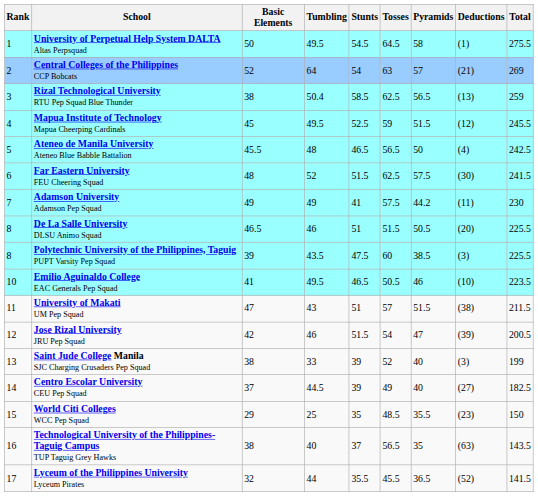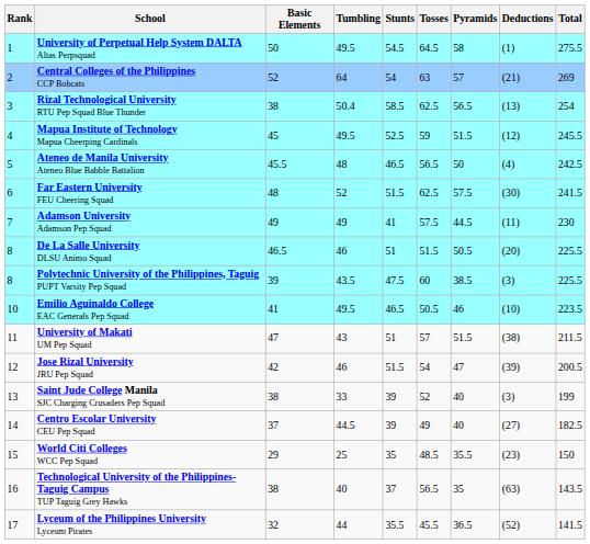 <table class="wikitable" style="text align: center">
 <tr bgcolor="#efefef">
 <th>Rank</th>
 <th>School</th>
 <th>Basic Elements</th>
 <th>Tumbling</th>
 <th>Stunts</th>
 <th>Tosses</th>
 <th>Pyramids</th>
 <th>Deductions</th>
 <th>Total</th>
 </tr>
 <tr bgcolor="99FFFF">
 <td>1</td>
 <td><strong><a href='#'>University of Perpetual Help System DALTA</a></strong> <br> <small>Altas Perpsquad</small></td>
 <td>50</td>
 <td>49.5</td>
 <td>54.5</td>
 <td>64.5</td>
 <td>58</td>
 <td>(1)</td>
 <td>275.5</td>
 </tr>
 <tr bgcolor="99CCFF">
 <td>2</td>
 <td><strong><a href='#'>Central Colleges of the Philippines</a></strong> <br> <small>CCP Bobcats</small></td>
 <td>52</td>
 <td>64</td>
 <td>54</td>
 <td>63</td>
 <td>57</td>
 <td>(21)</td>
 <td>269</td>
 </tr>
 <tr bgcolor="99FFFF">
 <td>3</td>
 <td><strong><a href='#'>Rizal Technological University</a></strong> <br> <small>RTU Pep Squad Blue Thunder</small></td>
 <td>38</td>
 <td>50.4</td>
 <td>58.5</td>
 <td>62.5</td>
 <td>56.5</td>
 <td>(13)</td>
-<td>259</td>
+<td>254</td>
 </tr>
 <tr bgcolor="99FFFF">
 <td>4</td>
 <td><strong><a href='#'>Mapua Institute of Technology</a></strong> <br> <small> Mapua Cheerping Cardinals</small></td>
 <td>45</td>
 <td>49.5</td>
 <td>52.5</td>
 <td>59</td>
 <td>51.5</td>
 <td>(12)</td>
 <td>245.5</td>
 </tr>
 <tr bgcolor="99FFFF">
 <td>5</td>
 <td><strong><a href='#'>Ateneo de Manila University</a></strong> <br> <small>Ateneo Blue Babble Battalion</small></td>
 <td>45.5</td>
 <td>48</td>
 <td>46.5</td>
 <td>56.5</td>
 <td>50</td>
 <td>(4)</td>
 <td>242.5</td>
 </tr>
 <tr bgcolor="99FFFF">
 <td>6</td>
 <td><strong><a href='#'>Far Eastern University</a></strong> <br> <small>FEU Cheering Squad</small></td>
 <td>48</td>
 <td>52</td>
 <td>51.5</td>
 <td>62.5</td>
 <td>57.5</td>
 <td>(30)</td>
 <td>241.5</td>
 </tr>
 <tr bgcolor="99FFFF">
 <td>7</td>
 <td><strong><a href='#'>Adamson University</a></strong> <br> <small>Adamson Pep Squad</small></td>
 <td>49</td>
 <td>49</td>
 <td>41</td>
 <td>57.5</td>
-<td>44.2</td>
+<td>44.5</td>
 <td>(11)</td>
 <td>230</td>
 </tr>
 <tr bgcolor="99FFFF">
 <td>8</td>
 <td><strong><a href='#'>De La Salle University</a></strong> <br> <small>DLSU Animo Squad</small></td>
 <td>46.5</td>
 <td>46</td>
 <td>51</td>
 <td>51.5</td>
 <td>50.5</td>
 <td>(20)</td>
 <td>225.5</td>
 </tr>
 <tr bgcolor="99FFFF">
 <td>8</td>
 <td><strong><a href='#'>Polytechnic University of the Philippines, Taguig</a></strong> <br> <small>PUPT Varsity Pep Squad</small></td>
 <td>39</td>
 <td>43.5</td>
 <td>47.5</td>
 <td>60</td>
 <td>38.5</td>
 <td>(3)</td>
 <td>225.5</td>
 </tr>
 <tr bgcolor="99FFFF">
 <td>10</td>
 <td><strong><a href='#'>Emilio Aguinaldo College</a></strong> <br> <small>EAC Generals Pep Squad</small></td>
 <td>41</td>
 <td>49.5</td>
 <td>46.5</td>
 <td>50.5</td>
 <td>46</td>
 <td>(10)</td>
 <td>223.5</td>
 </tr>
 <tr>
 <td>11</td>
 <td><strong><a href='#'>University of Makati</a></strong> <br> <small>UM Pep Squad</small></td>
 <td>47</td>
 <td>43</td>
 <td>51</td>
 <td>57</td>
 <td>51.5</td>
 <td>(38)</td>
 <td>211.5</td>
 </tr>
 <tr>
 <td>12</td>
 <td><strong><a href='#'>Jose Rizal University</a></strong> <br> <small>JRU Pep Squad</small></td>
 <td>42</td>
 <td>46</td>
 <td>51.5</td>
 <td>54</td>
 <td>47</td>
 <td>(39)</td>
 <td>200.5</td>
 </tr>
 <tr>
 <td>13</td>
 <td><strong><a href='#'>Saint Jude College</a> Manila</strong> <br> <small>SJC Charging Crusaders Pep Squad</small></td>
 <td>38</td>
 <td>33</td>
 <td>39</td>
 <td>52</td>
 <td>40</td>
 <td>(3)</td>
 <td>199</td>
 </tr>
 <tr>
 <td>14</td>
 <td><strong><a href='#'>Centro Escolar University</a></strong> <br> <small>CEU Pep Squad</small></td>
 <td>37</td>
 <td>44.5</td>
 <td>39</td>
 <td>49</td>
 <td>40</td>
 <td>(27)</td>
 <td>182.5</td>
 </tr>
 <tr>
 <td>15</td>
 <td><strong><a href='#'>World Citi Colleges</a></strong> <br> <small>WCC Pep Squad</small></td>
 <td>29</td>
 <td>25</td>
 <td>35</td>
 <td>48.5</td>
 <td>35.5</td>
 <td>(23)</td>
 <td>150</td>
 </tr>
 <tr>
 <td>16</td>
 <td><strong><a href='#'>Technological University of the Philippines-Taguig Campus</a></strong> <br> <small>TUP Taguig Grey Hawks</small></td>
 <td>38</td>
 <td>40</td>
 <td>37</td>
 <td>56.5</td>
 <td>35</td>
 <td>(63)</td>
 <td>143.5</td>
 </tr>
 <tr>
 <td>17</td>
 <td><strong><a href='#'>Lyceum of the Philippines University</a></strong> <br> <small>Lyceum Pirates</small></td>
 <td>32</td>
 <td>44</td>
 <td>35.5</td>
 <td>45.5</td>
 <td>36.5</td>
 <td>(52)</td>
 <td>141.5</td>
 </tr>
 </table>
